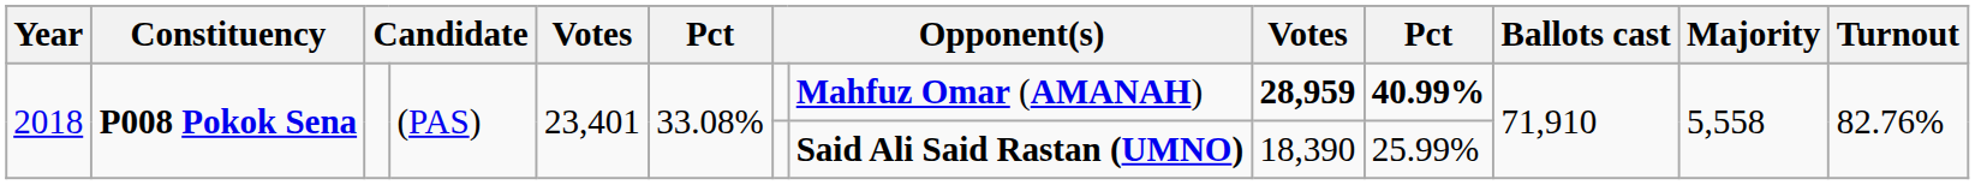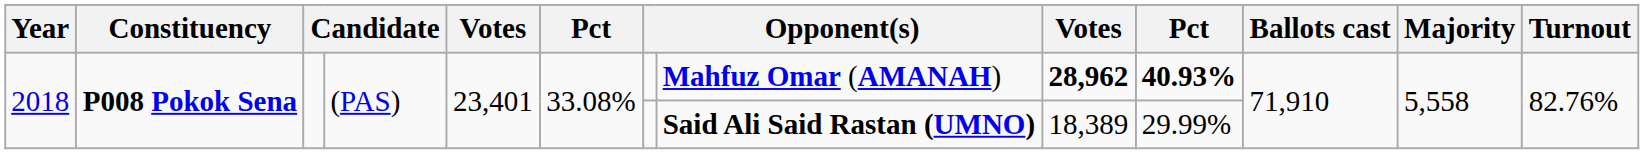 <table class="wikitable" style="margin:0.5em ; font-size:95%">
 <tr>
 <th>Year</th>
 <th>Constituency</th>
 <th colspan=2>Candidate</th>
 <th>Votes</th>
 <th>Pct</th>
 <th colspan=2>Opponent(s)</th>
 <th>Votes</th>
 <th>Pct</th>
 <th>Ballots cast</th>
 <th>Majority</th>
 <th>Turnout</th>
 </tr>
 <tr>
 <td rowspan=2><a href='#'>2018</a></td>
 <td rowspan=2><strong>P008 <a href='#'>Pokok Sena</a></strong></td>
 <td rowspan=2 ></td>
 <td rowspan=2> (<a href='#'>PAS</a>)</td>
 <td rowspan=2 align="right">23,401</td>
 <td rowspan=2>33.08%</td>
 <td></td>
 <td><strong><a href='#'>Mahfuz Omar</a></strong> (<a href='#'><strong>AMANAH</strong></a>)</td>
-<td align="right"><strong>28,959</strong></td>
-<td><strong>40.99%</strong></td>
+<td align="right"><strong>28,962</strong></td>
+<td><strong>40.93%</strong></td>
 <td rowspan=2>71,910</td>
 <td rowspan=2>5,558</td>
 <td rowspan=2>82.76%</td>
 </tr>
 <tr>
 <td></td>
 <td><strong>Said Ali Said Rastan (<a href='#'>UMNO</a>)</strong></td>
-<td align="right">18,390</td>
-<td>25.99%</td>
+<td align="right">18,389</td>
+<td>29.99%</td>
 </tr>
 </table>
